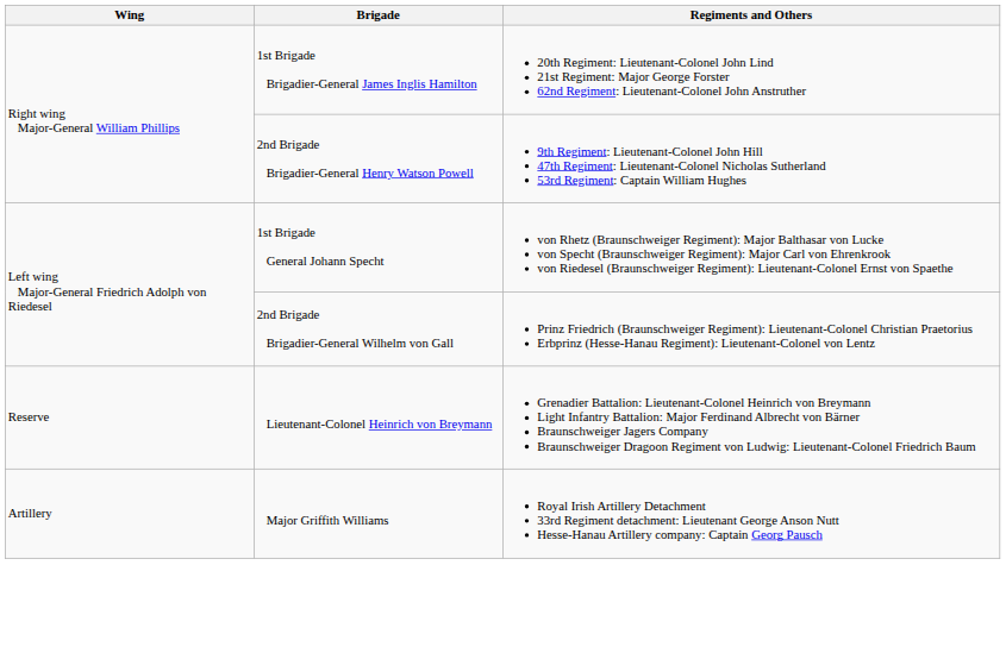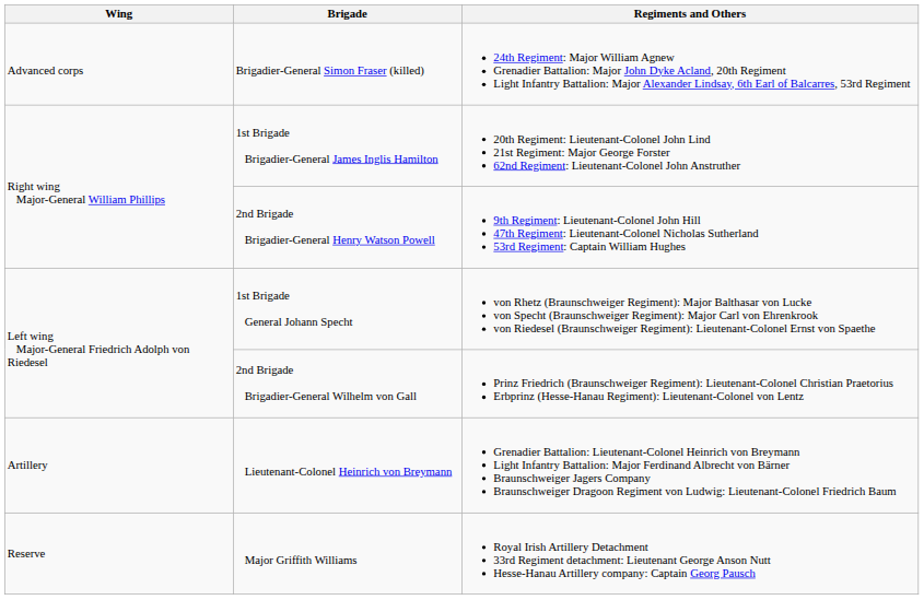 <table class="wikitable">
 <tr>
 <th width=25%>Wing</th>
 <th width=25%>Brigade</th>
 <th>Regiments and Others</th>
+</tr>
+<tr>
+<td><br>Advanced corps</td>
+<td>  <br>Brigadier-General <a href='#'>Simon Fraser</a> (killed)</td>
+<td><br><ul><li><a href='#'>24th Regiment</a>: Major William Agnew</li><li>Grenadier Battalion: Major <a href='#'>John Dyke Acland</a>, 20th Regiment</li><li>Light Infantry Battalion: Major <a href='#'>Alexander Lindsay, 6th Earl of Balcarres</a>, 53rd Regiment</li></ul></td>
 </tr>
 <tr>
 <td rowspan=2><br>Right wing <br>   Major-General <a href='#'>William Phillips</a></td>
 <td>1st Brigade<br><br>   Brigadier-General <a href='#'>James Inglis Hamilton</a></td>
 <td><br><ul><li>20th Regiment: Lieutenant-Colonel John Lind</li><li>21st Regiment: Major George Forster</li><li><a href='#'>62nd Regiment</a>: Lieutenant-Colonel John Anstruther</li></ul></td>
 </tr>
 <tr>
 <td>2nd Brigade<br><br>   Brigadier-General <a href='#'>Henry Watson Powell</a></td>
 <td><br><ul><li><a href='#'>9th Regiment</a>: Lieutenant-Colonel John Hill</li><li><a href='#'>47th Regiment</a>: Lieutenant-Colonel Nicholas Sutherland</li><li><a href='#'>53rd Regiment</a>: Captain William Hughes</li></ul></td>
 </tr>
 <tr>
 <td rowspan=2><br>Left wing <br>   Major-General Friedrich Adolph von Riedesel</td>
 <td>1st Brigade<br><br>   General Johann Specht</td>
 <td><br><ul><li>von Rhetz (Braunschweiger Regiment): Major Balthasar von Lucke</li><li>von Specht (Braunschweiger Regiment): Major Carl von Ehrenkrook</li><li>von Riedesel (Braunschweiger Regiment): Lieutenant-Colonel Ernst von Spaethe</li></ul></td>
 </tr>
 <tr>
 <td>2nd Brigade<br><br>   Brigadier-General Wilhelm von Gall</td>
 <td><br><ul><li>Prinz Friedrich (Braunschweiger Regiment): Lieutenant-Colonel Christian Praetorius</li><li>Erbprinz (Hesse-Hanau Regiment): Lieutenant-Colonel von Lentz</li></ul></td>
 </tr>
 <tr>
-<td>Reserve</td>
+<td>Artillery</td>
 <td><br>   Lieutenant-Colonel <a href='#'>Heinrich von Breymann</a></td>
 <td><br><ul><li>Grenadier Battalion: Lieutenant-Colonel Heinrich von Breymann</li><li>Light Infantry Battalion: Major Ferdinand Albrecht von Bärner</li><li>Braunschweiger Jagers Company</li><li>Braunschweiger Dragoon Regiment von Ludwig: Lieutenant-Colonel Friedrich Baum</li></ul></td>
 </tr>
 <tr>
-<td>Artillery</td>
+<td>Reserve</td>
 <td><br>   Major Griffith Williams</td>
 <td><br><ul><li>Royal Irish Artillery Detachment</li><li>33rd Regiment detachment: Lieutenant George Anson Nutt</li><li>Hesse-Hanau Artillery company: Captain <a href='#'>Georg Pausch</a></li></ul></td>
 </tr>
 </table>
